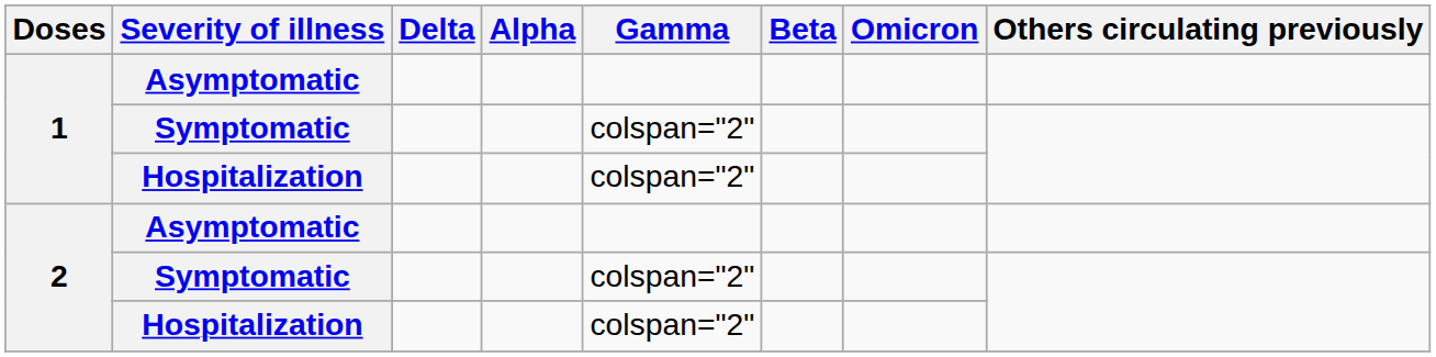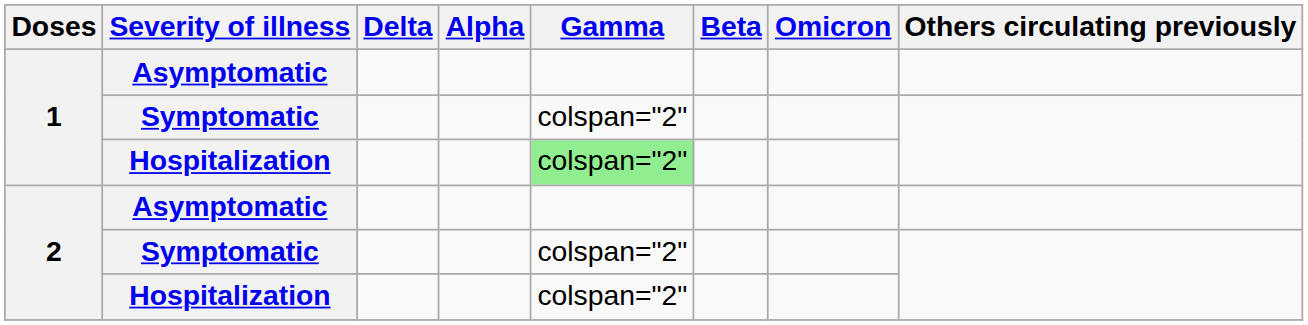 <table class="wikitable">
 <tr>
 <th>Doses</th>
 <th><a href='#'>Severity of illness</a></th>
 <th><a href='#'>Delta</a></th>
 <th><a href='#'>Alpha</a></th>
 <th><a href='#'>Gamma</a></th>
 <th><a href='#'>Beta</a></th>
 <th><a href='#'>Omicron</a></th>
 <th>Others circulating previously</th>
 </tr>
 <tr>
 <th rowspan="3">1</th>
 <th><a href='#'>Asymptomatic</a></th>
 <td></td>
 <td></td>
 <td></td>
 <td></td>
 <td></td>
 <td></td>
 </tr>
 <tr>
 <th><a href='#'>Symptomatic</a></th>
 <td></td>
 <td></td>
 <td>colspan="2" </td>
 <td></td>
 <td></td>
 </tr>
 <tr>
 <th><a href='#'>Hospitalization</a></th>
 <td></td>
 <td></td>
-<td>colspan="2" </td>
+<td style="background: lightgreen;">colspan="2" </td>
 <td></td>
 <td></td>
 </tr>
 <tr>
 <th rowspan="3">2</th>
 <th><a href='#'>Asymptomatic</a></th>
 <td></td>
 <td></td>
 <td></td>
 <td></td>
 <td></td>
 <td></td>
 </tr>
 <tr>
 <th><a href='#'>Symptomatic</a></th>
 <td></td>
 <td></td>
 <td>colspan="2" </td>
 <td></td>
 <td></td>
 </tr>
 <tr>
 <th><a href='#'>Hospitalization</a></th>
 <td></td>
 <td></td>
 <td>colspan="2" </td>
 <td></td>
 <td></td>
 </tr>
 </table>
